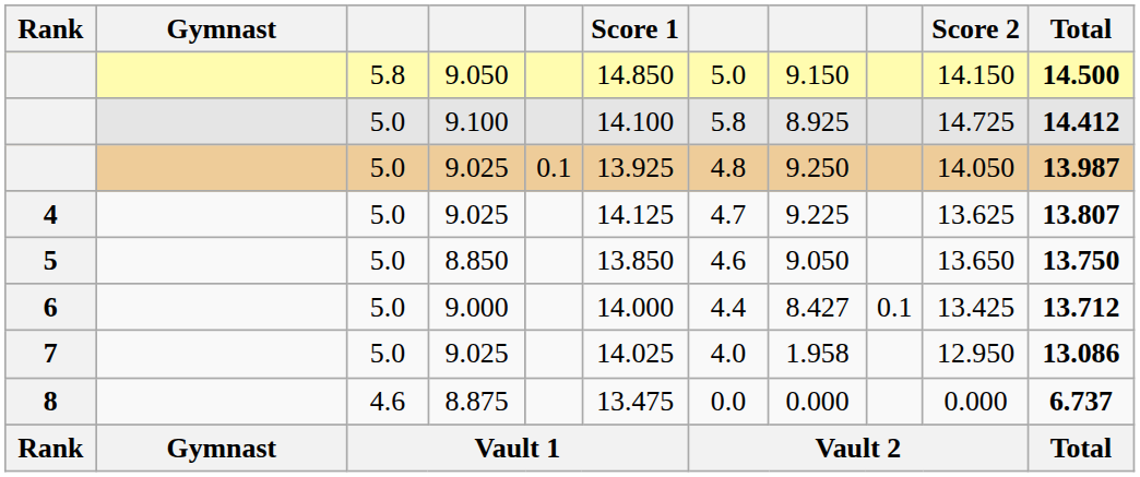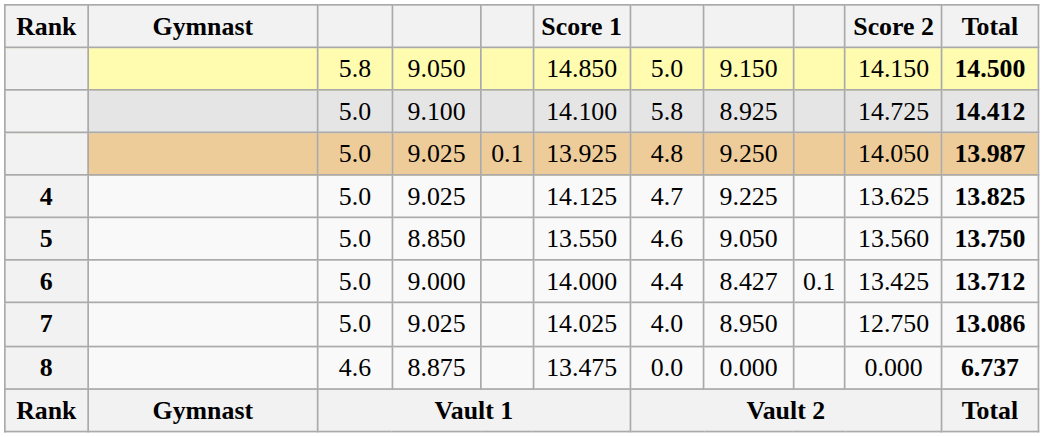 <table class="wikitable sortable" style="text-align:center; font-size:95%">
 <tr>
 <th scope="col" style="width:50px;">Rank</th>
 <th scope="col" style="width:220px;">Gymnast</th>
 <th scope="col" style="width:60px"></th>
 <th scope="col" style="width:60px;"></th>
 <th scope="col" style="width:30px;"></th>
 <th scope="col" style="width:60px;">Score 1</th>
 <th scope="col" style="width:60px"></th>
 <th scope="col" style="width:60px;"></th>
 <th scope="col" style="width:30px;"></th>
 <th scope="col" style="width:60px;">Score 2</th>
 <th scope="col" style="width:60px">Total</th>
 </tr>
 <tr style="background:#fffcaf;">
 <th scope=row style="text-align:center"></th>
 <td style="text-align:left;"></td>
 <td>5.8</td>
 <td>9.050</td>
 <td></td>
 <td>14.850</td>
 <td>5.0</td>
 <td>9.150</td>
 <td></td>
 <td>14.150</td>
 <td><strong>14.500</strong></td>
 </tr>
 <tr style="background:#e5e5e5;">
 <th scope=row style="text-align:center"></th>
 <td style="text-align:left;"></td>
 <td>5.0</td>
 <td>9.100</td>
 <td></td>
 <td>14.100</td>
 <td>5.8</td>
 <td>8.925</td>
 <td></td>
 <td>14.725</td>
 <td><strong>14.412</strong></td>
 </tr>
 <tr style="background:#ec9;">
 <th scope=row style="text-align:center"></th>
 <td style="text-align:left;"></td>
 <td>5.0</td>
 <td>9.025</td>
 <td>0.1</td>
 <td>13.925</td>
 <td>4.8</td>
 <td>9.250</td>
 <td></td>
 <td>14.050</td>
 <td><strong>13.987</strong></td>
 </tr>
 <tr>
 <th scope=row style="text-align:center">4</th>
 <td style="text-align:left;"></td>
 <td>5.0</td>
 <td>9.025</td>
 <td></td>
 <td>14.125</td>
 <td>4.7</td>
 <td>9.225</td>
 <td></td>
 <td>13.625</td>
-<td><strong>13.807</strong></td>
+<td><strong>13.825</strong></td>
 </tr>
 <tr>
 <th scope=row style="text-align:center">5</th>
 <td style="text-align:left;"></td>
 <td>5.0</td>
 <td>8.850</td>
 <td></td>
-<td>13.850</td>
+<td>13.550</td>
 <td>4.6</td>
 <td>9.050</td>
 <td></td>
-<td>13.650</td>
+<td>13.560</td>
 <td><strong>13.750</strong></td>
 </tr>
 <tr>
 <th scope=row style="text-align:center">6</th>
 <td style="text-align:left;"></td>
 <td>5.0</td>
 <td>9.000</td>
 <td></td>
 <td>14.000</td>
 <td>4.4</td>
 <td>8.427</td>
 <td>0.1</td>
 <td>13.425</td>
 <td><strong>13.712</strong></td>
 </tr>
 <tr>
 <th scope=row style="text-align:center">7</th>
 <td style="text-align:left;"></td>
 <td>5.0</td>
 <td>9.025</td>
 <td></td>
 <td>14.025</td>
 <td>4.0</td>
-<td>1.958</td>
+<td>8.950</td>
 <td></td>
-<td>12.950</td>
+<td>12.750</td>
 <td><strong>13.086</strong></td>
 </tr>
 <tr>
 <th scope=row style="text-align:center">8</th>
 <td style="text-align:left;"></td>
 <td>4.6</td>
 <td>8.875</td>
 <td></td>
 <td>13.475</td>
 <td>0.0</td>
 <td>0.000</td>
 <td></td>
 <td>0.000</td>
 <td><strong>6.737</strong></td>
 </tr>
 <tr class="sortbottom">
 <th scope=col>Rank</th>
 <th scope="col" style="width:210px;">Gymnast</th>
 <th scope=col colspan="4">Vault 1</th>
 <th scope=col colspan="4">Vault 2</th>
 <th scope=col>Total</th>
 </tr>
 </table>
